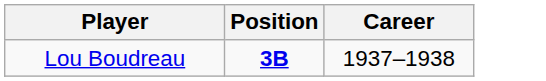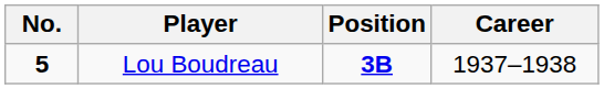 <table class="wikitable sortable" style="text-align:center">
 <tr>
+<th width=40px>No.</th>
 <th width=150px>Player</th>
 <th width=40px>Position</th>
 <th width=100px>Career</th>
 </tr>
 <tr>
+<td><strong>5</strong></td>
 <td><a href='#'>Lou Boudreau</a></td>
 <td><strong><a href='#'>3B</a></strong></td>
 <td>1937–1938</td>
 </tr>
 </table>
